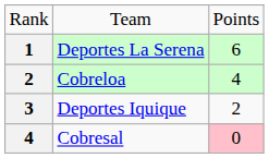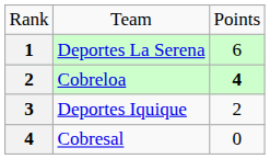 <table class="wikitable" style="text-align: center;">
 <tr>
 <td>Rank</td>
 <td>Team</td>
 <td>Points</td>
 </tr>
 <tr bgcolor=#ccffcc>
 <th>1</th>
 <td style="text-align: left;"><a href='#'>Deportes La Serena</a></td>
 <td>6</td>
 </tr>
 <tr bgcolor=#ccffcc>
 <th>2</th>
 <td style="text-align: left;"><a href='#'>Cobreloa</a></td>
-<td>4</td>
+<td><strong>4</strong></td>
 </tr>
 <tr>
 <th>3</th>
 <td style="text-align: left;"><a href='#'>Deportes Iquique</a></td>
 <td>2</td>
 </tr>
 <tr>
 <th>4</th>
 <td style="text-align: left;"><a href='#'>Cobresal</a></td>
-<td style="background: pink;">0</td>
+<td>0</td>
 </tr>
 </table>
